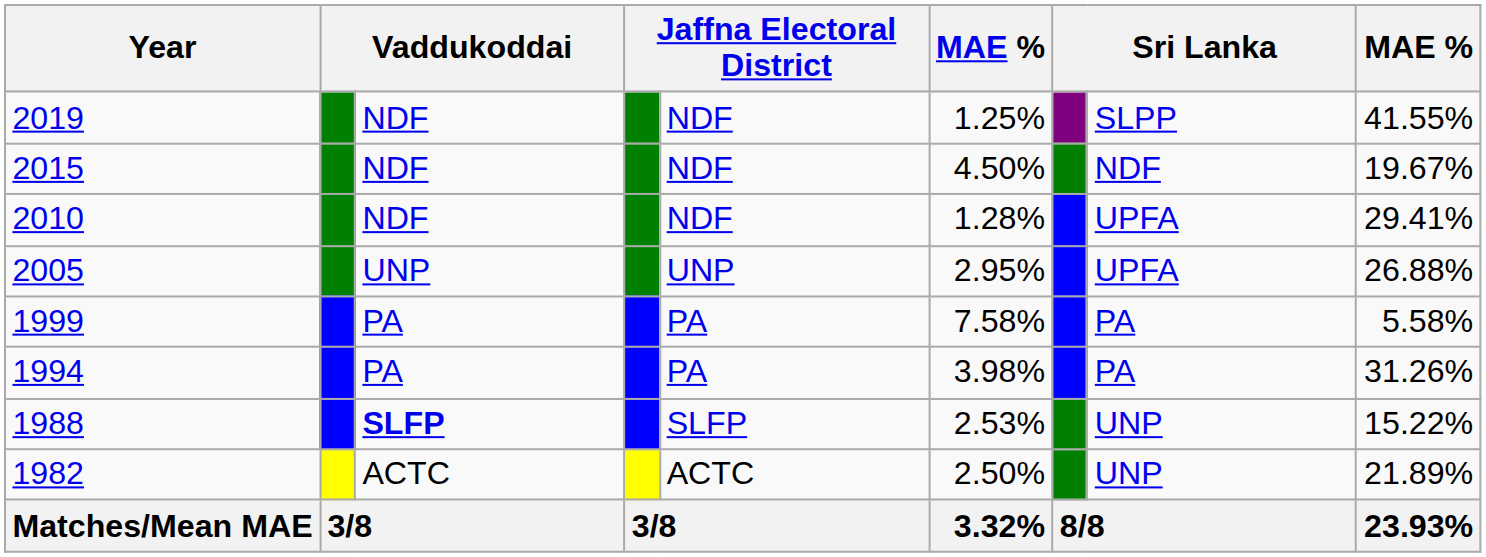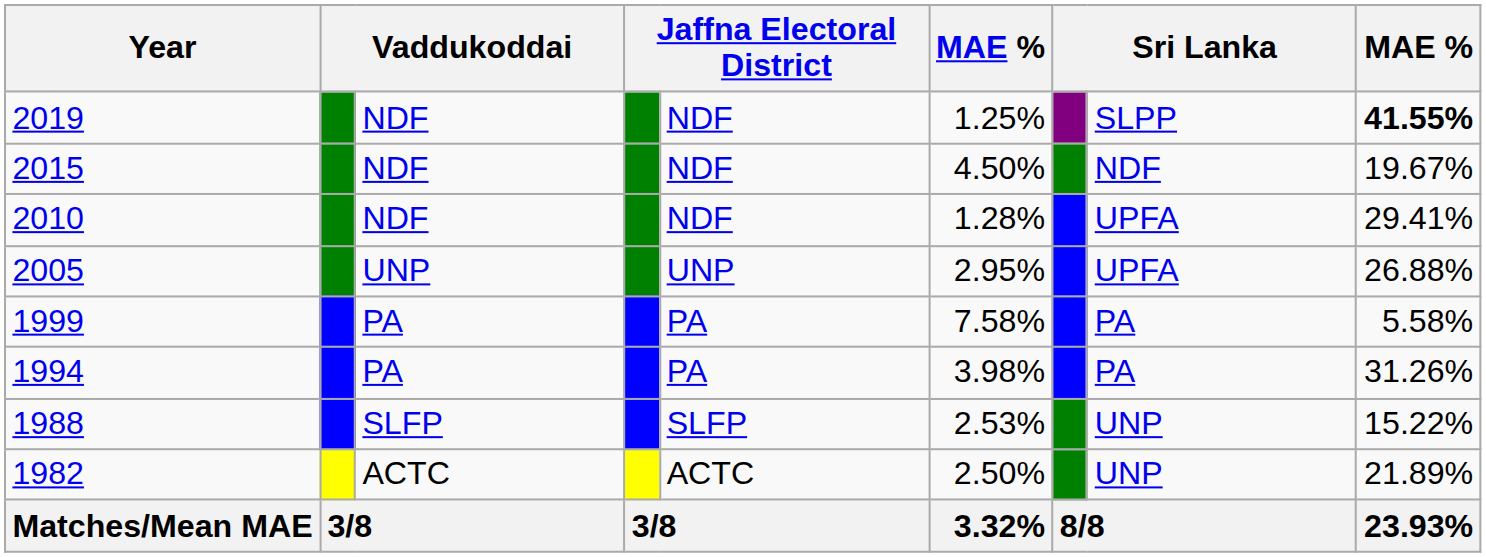 <table class="wikitable">
 <tr>
 <th>Year</th>
 <th colspan="2" width="144px">Vaddukoddai</th>
 <th colspan="2" width="144px"><a href='#'>Jaffna Electoral District</a></th>
 <th><a href='#'>MAE</a> %</th>
 <th colspan="2" width="144px">Sri Lanka</th>
 <th>MAE %</th>
 </tr>
 <tr>
 <td><a href='#'>2019</a></td>
 <td style="background-color:green;" width="10px"></td>
 <td style="text-align:left;"><a href='#'>NDF</a></td>
 <td style="background-color:green;" width="10px"></td>
 <td style="text-align:left;"><a href='#'>NDF</a></td>
 <td style="text-align:right;">1.25%</td>
 <td style="background-color:purple;" width="10px"></td>
 <td style="text-align:left;"><a href='#'>SLPP</a></td>
-<td style="text-align:right;">41.55%</td>
+<td style="text-align:right;"><strong>41.55%</strong></td>
 </tr>
 <tr>
 <td><a href='#'>2015</a></td>
 <td style="background-color:green;" width="10px"></td>
 <td style="text-align:left;"><a href='#'>NDF</a></td>
 <td style="background-color:green;" width="10px"></td>
 <td style="text-align:left;"><a href='#'>NDF</a></td>
 <td style="text-align:right;">4.50%</td>
 <td style="background-color:green;" width="10px"></td>
 <td style="text-align:left;"><a href='#'>NDF</a></td>
 <td style="text-align:right;">19.67%</td>
 </tr>
 <tr>
 <td><a href='#'>2010</a></td>
 <td style="background-color:green;" width="10px"></td>
 <td style="text-align:left;"><a href='#'>NDF</a></td>
 <td style="background-color:green;" width="10px"></td>
 <td style="text-align:left;"><a href='#'>NDF</a></td>
 <td style="text-align:right;">1.28%</td>
 <td style="background-color:blue;" width="10px"></td>
 <td style="text-align:left;"><a href='#'>UPFA</a></td>
 <td style="text-align:right;">29.41%</td>
 </tr>
 <tr>
 <td><a href='#'>2005</a></td>
 <td style="background-color:green;" width="10px"></td>
 <td style="text-align:left;"><a href='#'>UNP</a></td>
 <td style="background-color:green;" width="10px"></td>
 <td style="text-align:left;"><a href='#'>UNP</a></td>
 <td style="text-align:right;">2.95%</td>
 <td style="background-color:blue;" width="10px"></td>
 <td style="text-align:left;"><a href='#'>UPFA</a></td>
 <td style="text-align:right;">26.88%</td>
 </tr>
 <tr>
 <td><a href='#'>1999</a></td>
 <td style="background-color:blue;" width="10px"></td>
 <td style="text-align:left;"><a href='#'>PA</a></td>
 <td style="background-color:blue;" width="10px"></td>
 <td style="text-align:left;"><a href='#'>PA</a></td>
 <td style="text-align:right;">7.58%</td>
 <td style="background-color:blue;" width="10px"></td>
 <td style="text-align:left;"><a href='#'>PA</a></td>
 <td style="text-align:right;">5.58%</td>
 </tr>
 <tr>
 <td><a href='#'>1994</a></td>
 <td style="background-color:blue;" width="10px"></td>
 <td style="text-align:left;"><a href='#'>PA</a></td>
 <td style="background-color:blue;" width="10px"></td>
 <td style="text-align:left;"><a href='#'>PA</a></td>
 <td style="text-align:right;">3.98%</td>
 <td style="background-color:blue;" width="10px"></td>
 <td style="text-align:left;"><a href='#'>PA</a></td>
 <td style="text-align:right;">31.26%</td>
 </tr>
 <tr>
 <td><a href='#'>1988</a></td>
 <td style="background-color:blue;" width="10px"></td>
-<td style="text-align:left;"><strong><a href='#'>SLFP</a></strong></td>
+<td style="text-align:left;"><a href='#'>SLFP</a></td>
 <td style="background-color:blue;" width="10px"></td>
 <td style="text-align:left;"><a href='#'>SLFP</a></td>
 <td style="text-align:right;">2.53%</td>
 <td style="background-color:green;" width="10px"></td>
 <td style="text-align:left;"><a href='#'>UNP</a></td>
 <td style="text-align:right;">15.22%</td>
 </tr>
 <tr>
 <td><a href='#'>1982</a></td>
 <td style="background-color:yellow;" width="10px"></td>
 <td style="text-align:left;">ACTC</td>
 <td style="background-color:yellow;" width="10px"></td>
 <td style="text-align:left;">ACTC</td>
 <td style="text-align:right;">2.50%</td>
 <td style="background-color:green;" width="10px"></td>
 <td style="text-align:left;"><a href='#'>UNP</a></td>
 <td style="text-align:right;">21.89%</td>
 </tr>
 <tr>
 <th>Matches/Mean MAE</th>
 <th style="text-align:left;"colspan="2" width="144px">3/8</th>
 <th style="text-align:left;"colspan="2" width="144px">3/8</th>
 <th style="text-align:right;">3.32%</th>
 <th style="text-align:left;"colspan="2" width="144px">8/8</th>
 <th style="text-align:right;">23.93%</th>
 </tr>
 </table>
